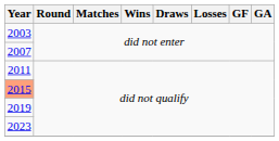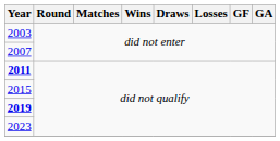 <table class="wikitable" style="text-align: center;">
 <tr>
 <th>Year</th>
 <th>Round</th>
 <th>Matches</th>
 <th>Wins</th>
 <th>Draws</th>
 <th>Losses</th>
 <th>GF</th>
 <th>GA</th>
 </tr>
 <tr>
 <td> <a href='#'>2003</a></td>
 <td rowspan=2 colspan=8><em>did not enter</em></td>
 </tr>
 <tr>
 <td> <a href='#'>2007</a></td>
 </tr>
 <tr>
-<td> <a href='#'>2011</a></td>
+<td><strong> <a href='#'>2011</a></strong></td>
 <td colspan=8 rowspan=4><em>did not qualify</em></td>
 </tr>
 <tr>
-<td style="background: lightsalmon;"> <a href='#'>2015</a></td>
+<td> <a href='#'>2015</a></td>
 </tr>
 <tr>
-<td> <a href='#'>2019</a></td>
+<td><strong> <a href='#'>2019</a></strong></td>
 </tr>
 <tr>
 <td> <a href='#'>2023</a></td>
 </tr>
 <tr>
 </tr>
 </table>
